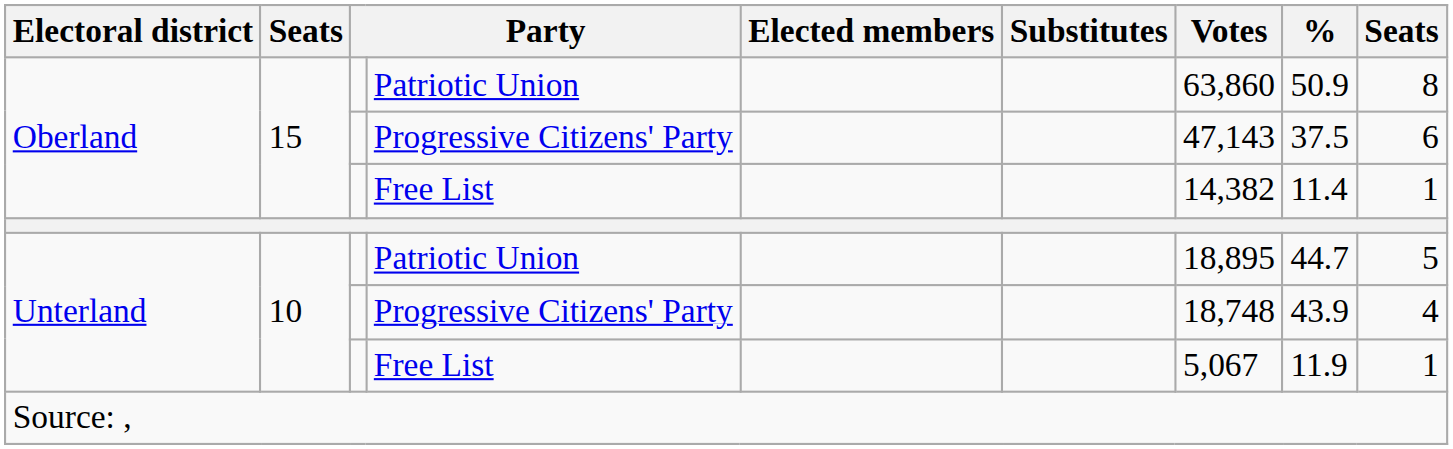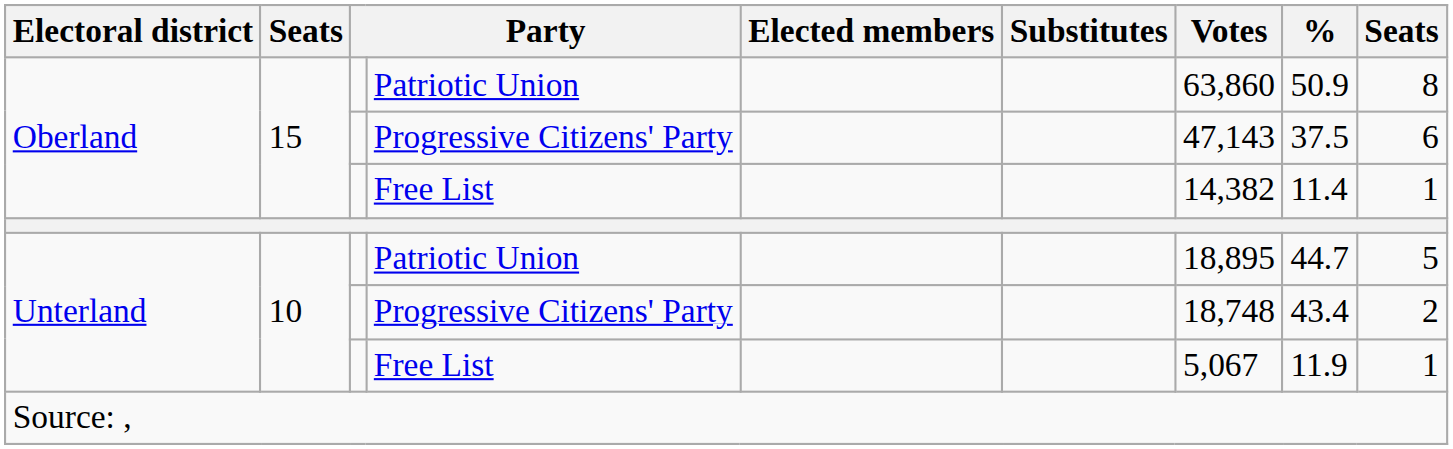 <table class="wikitable">
 <tr>
 <th>Electoral district</th>
 <th>Seats</th>
 <th colspan="2">Party</th>
 <th>Elected members</th>
 <th><strong>Substitutes</strong></th>
 <th>Votes</th>
 <th>%</th>
 <th>Seats</th>
 </tr>
 <tr>
 <td rowspan="3"><a href='#'>Oberland</a></td>
 <td rowspan="3">15</td>
 <td></td>
 <td><a href='#'>Patriotic Union</a></td>
 <td></td>
 <td></td>
 <td>63,860</td>
 <td>50.9</td>
 <td align="right">8</td>
 </tr>
 <tr>
 <td></td>
 <td><a href='#'>Progressive Citizens' Party</a></td>
 <td></td>
 <td></td>
 <td>47,143</td>
 <td>37.5</td>
 <td align="right">6</td>
 </tr>
 <tr>
 <td></td>
 <td><a href='#'>Free List</a></td>
 <td></td>
 <td></td>
 <td>14,382</td>
 <td>11.4</td>
 <td align="right">1</td>
 </tr>
 <tr>
 <th colspan="9"></th>
 </tr>
 <tr>
 <td rowspan="3"><a href='#'>Unterland</a></td>
 <td rowspan="3">10</td>
 <td></td>
 <td><a href='#'>Patriotic Union</a></td>
 <td></td>
 <td></td>
 <td>18,895</td>
 <td>44.7</td>
 <td align="right">5</td>
 </tr>
 <tr>
 <td></td>
 <td><a href='#'>Progressive Citizens' Party</a></td>
 <td></td>
 <td></td>
 <td>18,748</td>
-<td>43.9</td>
-<td align="right">4</td>
+<td>43.4</td>
+<td align="right">2</td>
 </tr>
 <tr>
 <td></td>
 <td><a href='#'>Free List</a></td>
 <td></td>
 <td></td>
 <td>5,067</td>
 <td>11.9</td>
 <td align="right">1</td>
 </tr>
 <tr>
 <td colspan="9">Source: , </td>
 </tr>
 </table>
